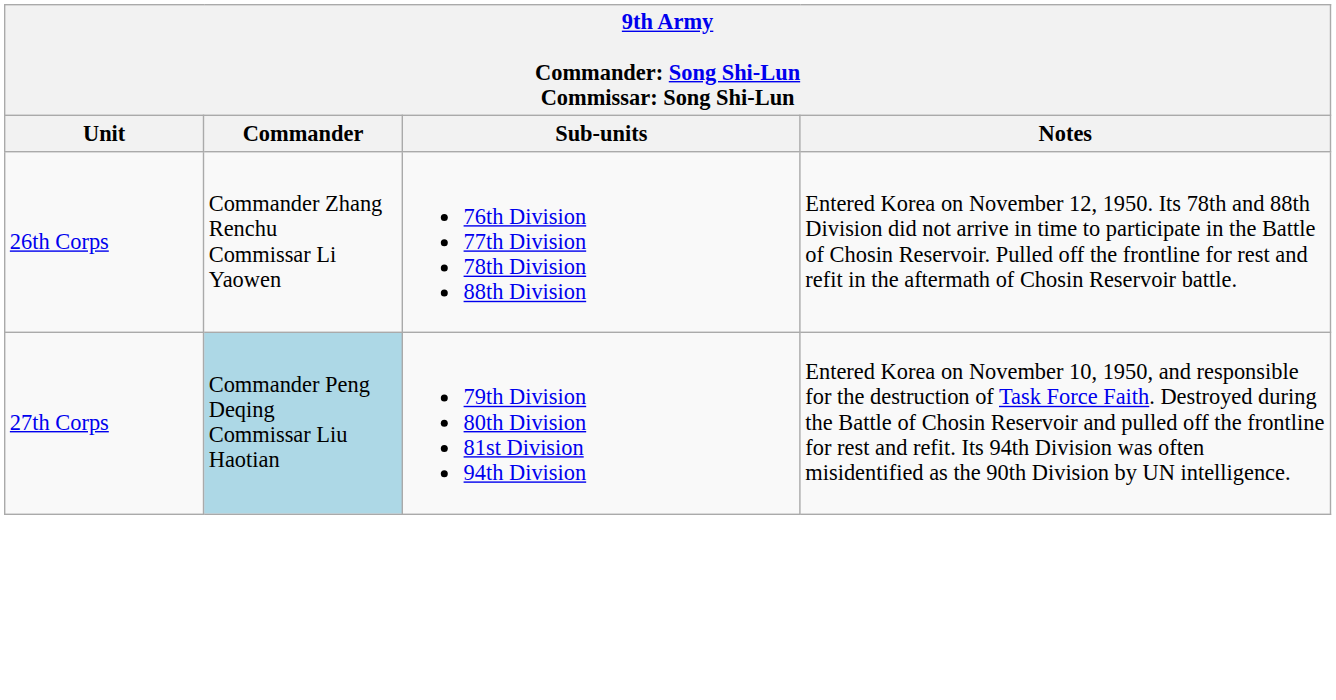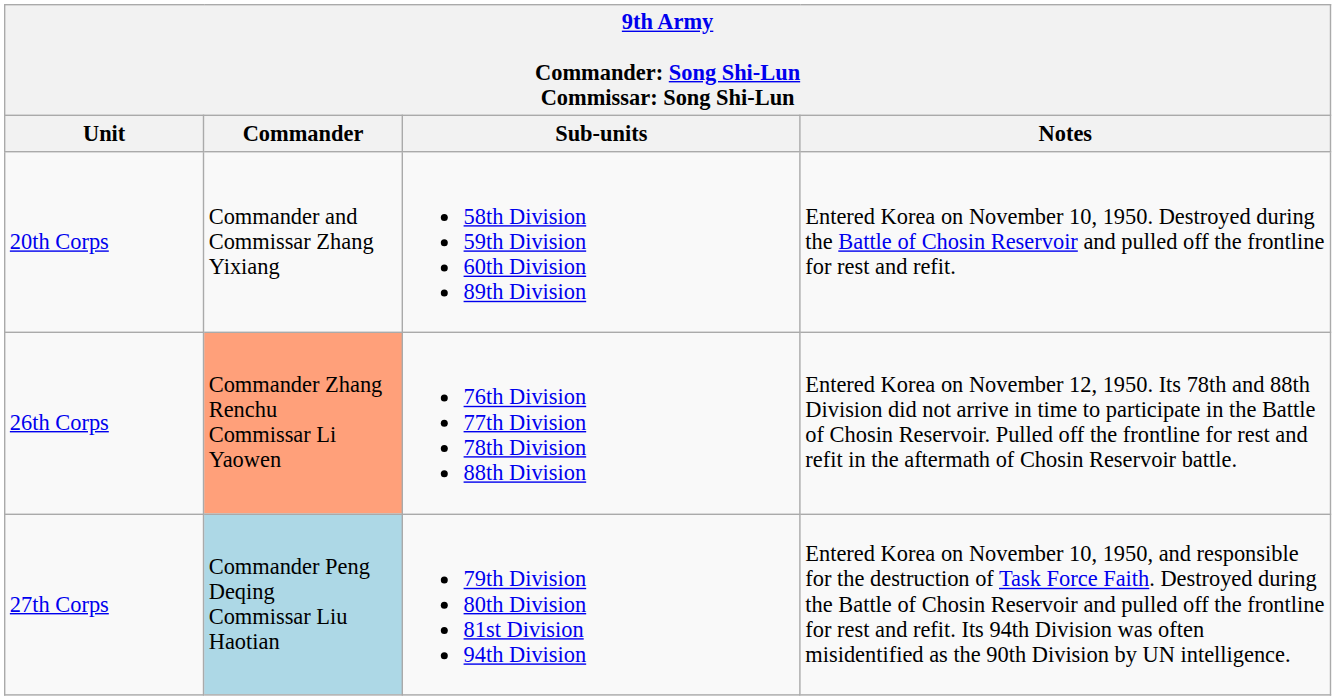 <table class="wikitable" style="width: 75%">
 <tr>
 <th colspan="4" align= center> <a href='#'>9th Army</a><br><br>Commander: <a href='#'>Song Shi-Lun</a><br> Commissar: Song Shi-Lun</th>
 </tr>
 <tr>
 <th width=15%; align= center>Unit</th>
 <th width=15%; align= center>Commander</th>
 <th width=30%; align= center>Sub-units</th>
 <th width=40%; align= center>Notes</th>
 </tr>
 <tr>
+<td><a href='#'>20th Corps</a></td>
+<td>Commander and Commissar Zhang Yixiang</td>
+<td><br><ul><li><a href='#'>58th Division</a></li><li><a href='#'>59th Division</a></li><li><a href='#'>60th Division</a></li><li><a href='#'>89th Division</a></li></ul></td>
+<td>Entered Korea on November 10, 1950. Destroyed during the <a href='#'>Battle of Chosin Reservoir</a> and pulled off the frontline for rest and refit.</td>
+</tr>
+<tr>
 <td><a href='#'>26th Corps</a></td>
-<td>Commander Zhang Renchu<br>Commissar Li Yaowen</td>
+<td style="background: lightsalmon;">Commander Zhang Renchu<br>Commissar Li Yaowen</td>
 <td><br><ul><li><a href='#'>76th Division</a></li><li><a href='#'>77th Division</a></li><li><a href='#'>78th Division</a></li><li><a href='#'>88th Division</a></li></ul></td>
 <td>Entered Korea on November 12, 1950. Its 78th and 88th Division did not arrive in time to participate in the Battle of Chosin Reservoir. Pulled off the frontline for rest and refit in the aftermath of Chosin Reservoir battle.</td>
 </tr>
 <tr>
 <td><a href='#'>27th Corps</a></td>
 <td style="background: lightblue;">Commander Peng Deqing<br>Commissar Liu Haotian</td>
 <td><br><ul><li><a href='#'>79th Division</a></li><li><a href='#'>80th Division</a></li><li><a href='#'>81st Division</a></li><li><a href='#'>94th Division</a></li></ul></td>
 <td>Entered Korea on November 10, 1950, and responsible for the destruction of <a href='#'>Task Force Faith</a>. Destroyed during the Battle of Chosin Reservoir and pulled off the frontline for rest and refit. Its 94th Division was often misidentified as the 90th Division by UN intelligence.</td>
 </tr>
 </table>
